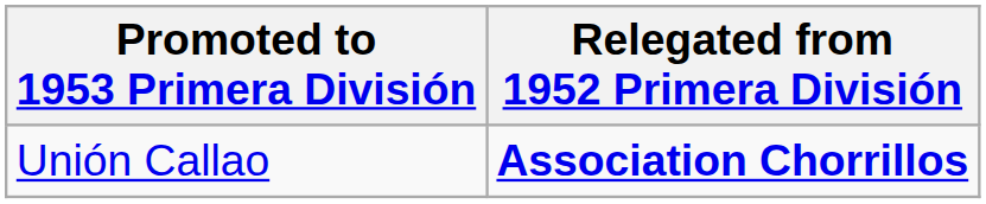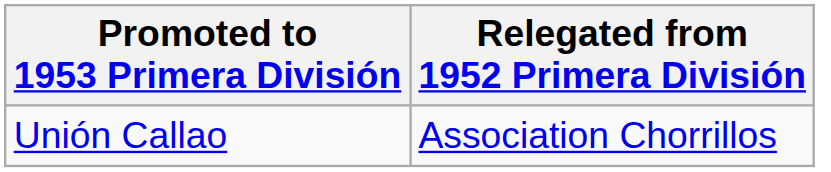 <table class="wikitable">
 <tr>
 <th>Promoted to<br><a href='#'>1953 Primera División</a></th>
 <th>Relegated from<br><a href='#'>1952 Primera División</a></th>
 </tr>
 <tr>
 <td> <a href='#'>Unión Callao</a> </td>
-<td><strong> <a href='#'>Association Chorrillos</a> </strong></td>
+<td> <a href='#'>Association Chorrillos</a> </td>
 </tr>
 </table>
